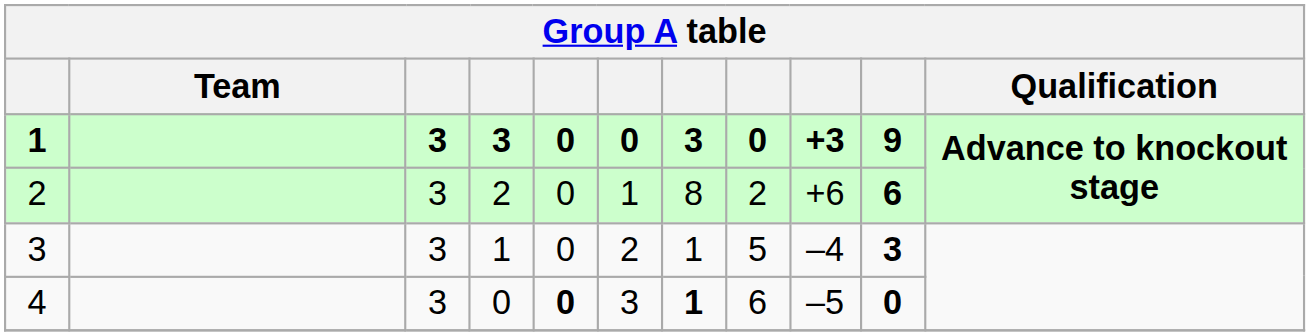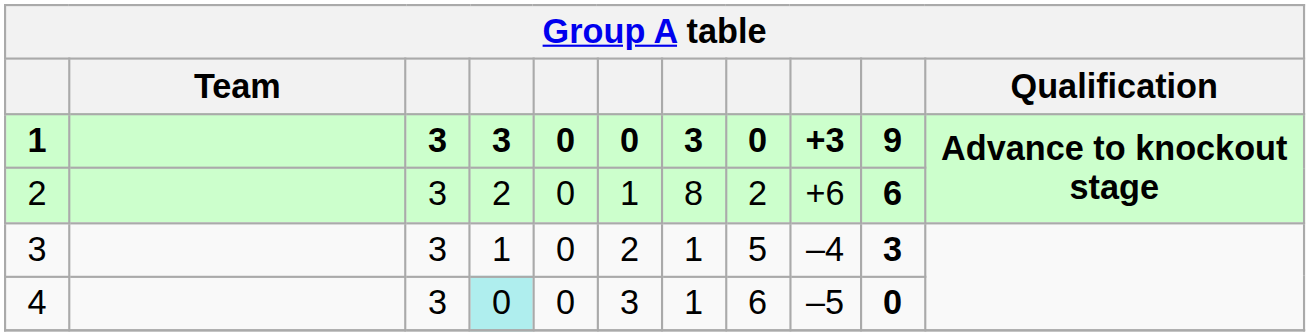 <table class="wikitable" style="text-align: center;">
 <tr>
 <th colspan="11"><a href='#'>Group A</a> table</th>
 </tr>
 <tr>
 <th width=30></th>
 <th width="210">Team</th>
 <th width=30></th>
 <th width=30></th>
 <th width=30></th>
 <th width=30></th>
 <th width=30></th>
 <th width=30></th>
 <th width=30></th>
 <th width=30></th>
 <th width=210>Qualification</th>
 </tr>
 <tr style="background:#ccffcc;">
 <td><strong>1</strong></td>
 <td align="left"><strong></strong></td>
 <td><strong>3</strong></td>
 <td><strong>3</strong></td>
 <td><strong>0</strong></td>
 <td><strong>0</strong></td>
 <td><strong>3</strong></td>
 <td><strong>0</strong></td>
 <td><strong>+3</strong></td>
 <td><strong>9</strong></td>
 <td rowspan="2"><strong>Advance to knockout stage</strong></td>
 </tr>
 <tr style="background:#ccffcc;">
 <td>2</td>
 <td align="left"></td>
 <td>3</td>
 <td>2</td>
 <td>0</td>
 <td>1</td>
 <td>8</td>
 <td>2</td>
 <td>+6</td>
 <td><strong>6</strong></td>
 </tr>
 <tr>
 <td>3</td>
 <td align="left"></td>
 <td>3</td>
 <td>1</td>
 <td>0</td>
 <td>2</td>
 <td>1</td>
 <td>5</td>
 <td>–4</td>
 <td><strong>3</strong></td>
 <td rowspan="2"></td>
 </tr>
 <tr>
 <td>4</td>
 <td align="left"></td>
 <td>3</td>
+<td style="background: paleturquoise;">0</td>
 <td>0</td>
-<td><strong>0</strong></td>
 <td>3</td>
-<td><strong>1</strong></td>
+<td>1</td>
 <td>6</td>
 <td>–5</td>
 <td><strong>0</strong></td>
 </tr>
 <tr>
 </tr>
 </table>
